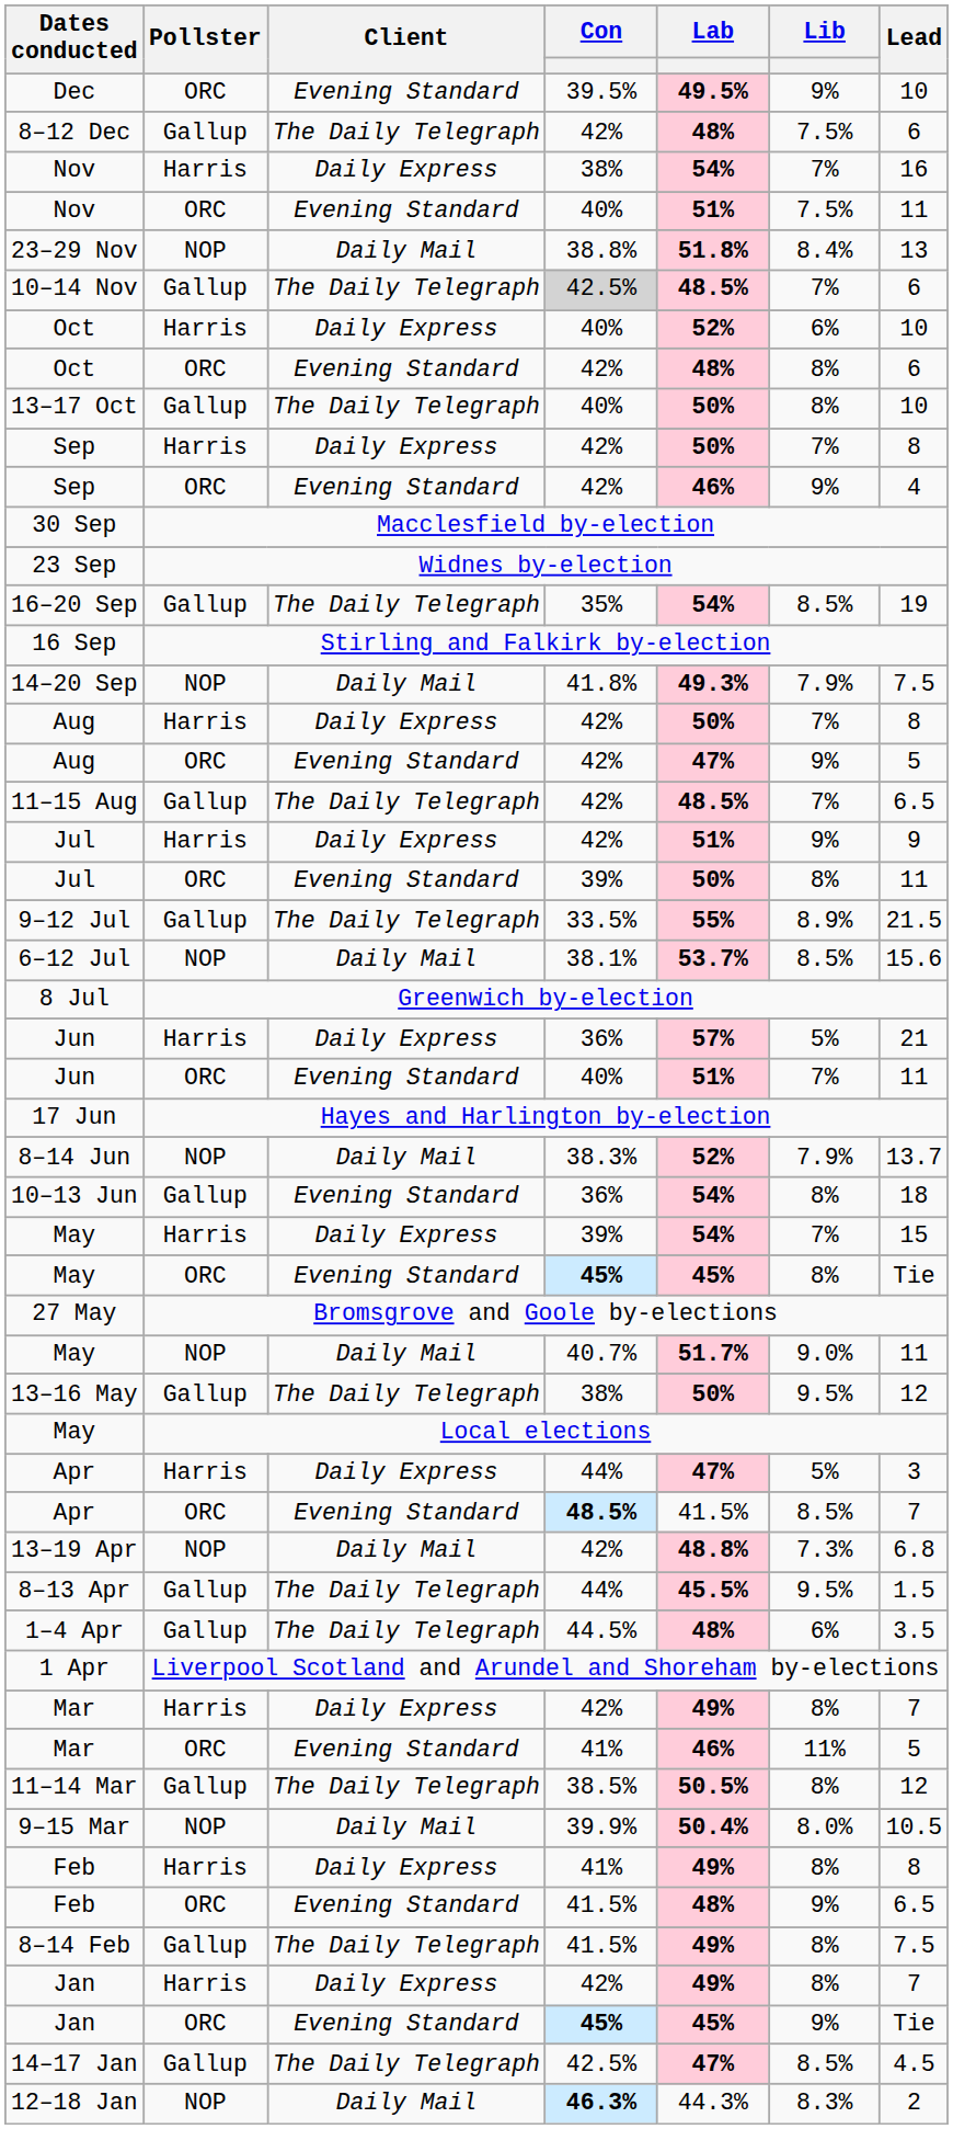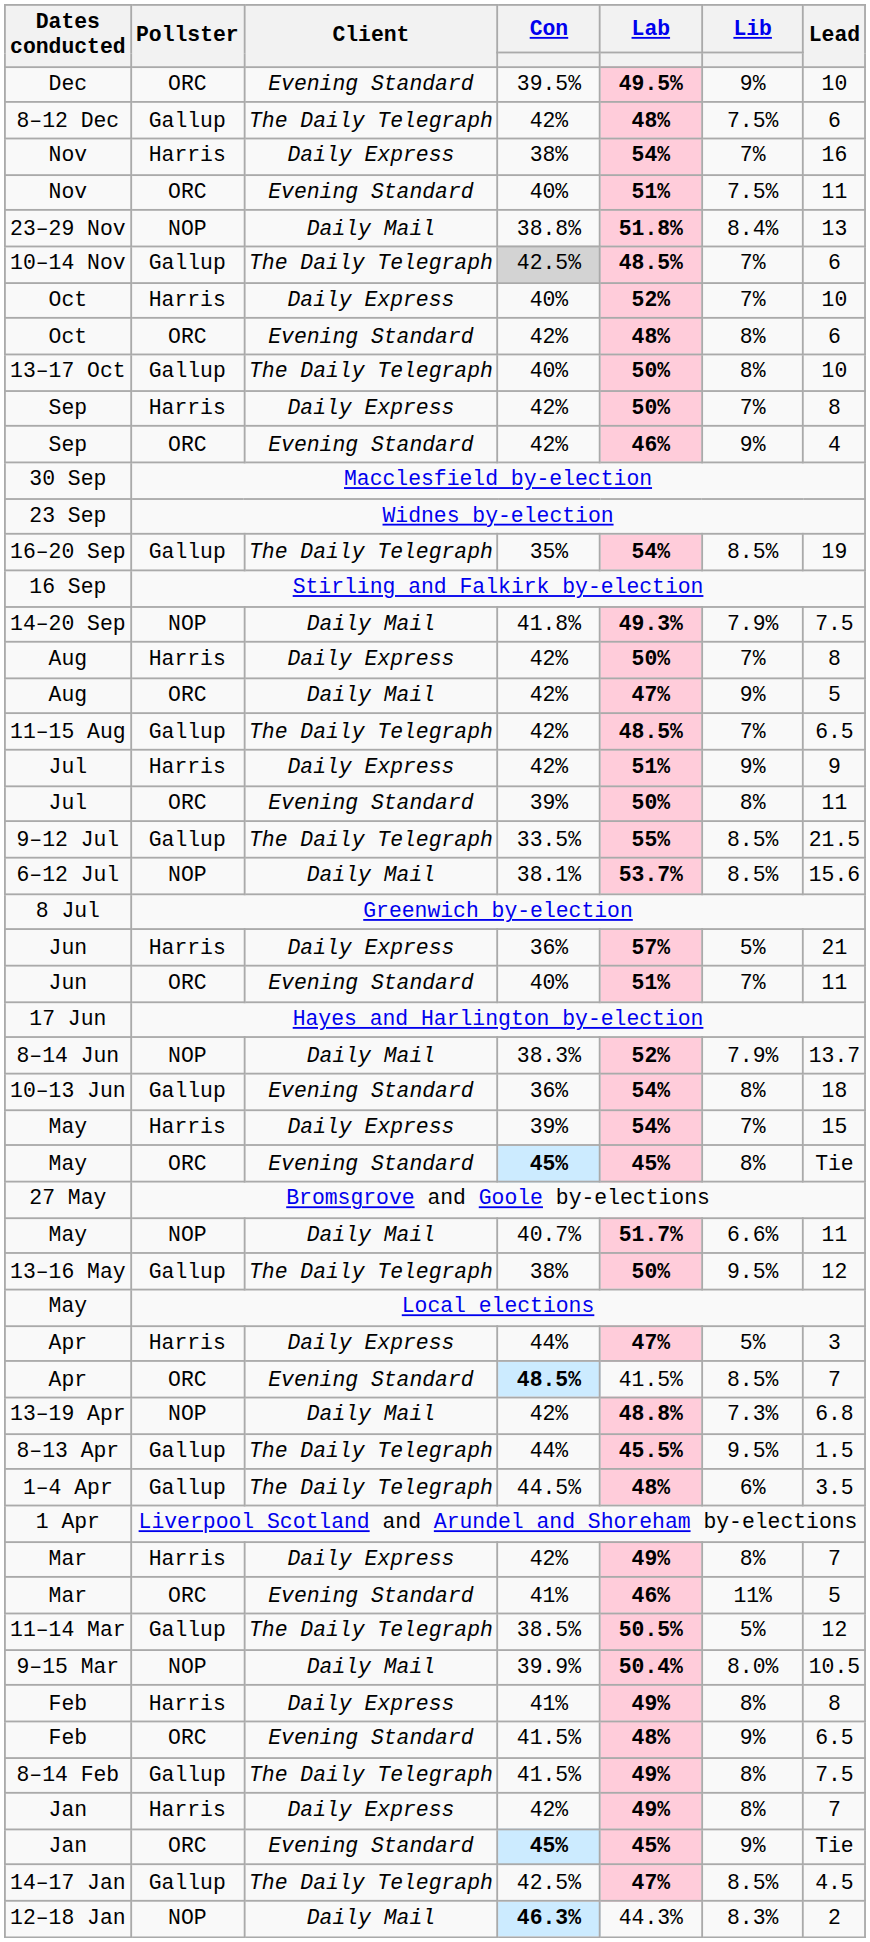 <table class="wikitable sortable mw-datatable" style="text-align:center;font-size:90%;line-height:14px;">
 <tr>
 <th rowspan="2">Dates<br>conducted</th>
 <th rowspan="2">Pollster</th>
 <th rowspan="2">Client</th>
 <th class="unsortable" style="width:50px;"><a href='#'>Con</a></th>
 <th class="unsortable" style="width:50px;"><a href='#'>Lab</a></th>
 <th class="unsortable" style="width:50px;"><a href='#'>Lib</a></th>
 <th rowspan="2">Lead</th>
 </tr>
 <tr>
 <th style="background:"></th>
 <th style="background:"></th>
 <th style="background:"></th>
 </tr>
 <tr>
 <td>Dec</td>
 <td>ORC</td>
 <td><em>Evening Standard</em></td>
 <td>39.5%</td>
 <td style="background:#FFCCDA;"><strong>49.5%</strong></td>
 <td>9%</td>
 <td style="background:">10</td>
 </tr>
 <tr>
 <td>8–12 Dec</td>
 <td>Gallup</td>
 <td><em>The Daily Telegraph</em></td>
 <td>42%</td>
 <td style="background:#FFCCDA;"><strong>48%</strong></td>
 <td>7.5%</td>
 <td style="background:">6</td>
 </tr>
 <tr>
 <td>Nov</td>
 <td>Harris</td>
 <td><em>Daily Express</em></td>
 <td>38%</td>
 <td style="background:#FFCCDA;"><strong>54%</strong></td>
 <td>7%</td>
 <td style="background:">16</td>
 </tr>
 <tr>
 <td>Nov</td>
 <td>ORC</td>
 <td><em>Evening Standard</em></td>
 <td>40%</td>
 <td style="background:#FFCCDA;"><strong>51%</strong></td>
 <td>7.5%</td>
 <td style="background:">11</td>
 </tr>
 <tr>
 <td>23–29 Nov</td>
 <td>NOP</td>
 <td><em>Daily Mail</em></td>
 <td>38.8%</td>
 <td style="background:#FFCCDA;"><strong>51.8%</strong></td>
 <td>8.4%</td>
 <td style="background:">13</td>
 </tr>
 <tr>
 <td>10–14 Nov</td>
 <td>Gallup</td>
 <td><em>The Daily Telegraph</em></td>
 <td style="background: lightgrey;">42.5%</td>
 <td style="background:#FFCCDA;"><strong>48.5%</strong></td>
 <td>7%</td>
 <td style="background:">6</td>
 </tr>
 <tr>
 <td>Oct</td>
 <td>Harris</td>
 <td><em>Daily Express</em></td>
 <td>40%</td>
 <td style="background:#FFCCDA;"><strong>52%</strong></td>
-<td>6%</td>
+<td>7%</td>
 <td style="background:">10</td>
 </tr>
 <tr>
 <td>Oct</td>
 <td>ORC</td>
 <td><em>Evening Standard</em></td>
 <td>42%</td>
 <td style="background:#FFCCDA;"><strong>48%</strong></td>
 <td>8%</td>
 <td style="background:">6</td>
 </tr>
 <tr>
 <td>13–17 Oct</td>
 <td>Gallup</td>
 <td><em>The Daily Telegraph</em></td>
 <td>40%</td>
 <td style="background:#FFCCDA;"><strong>50%</strong></td>
 <td>8%</td>
 <td style="background:">10</td>
 </tr>
 <tr>
 <td>Sep</td>
 <td>Harris</td>
 <td><em>Daily Express</em></td>
 <td>42%</td>
 <td style="background:#FFCCDA;"><strong>50%</strong></td>
 <td>7%</td>
 <td style="background:">8</td>
 </tr>
 <tr>
 <td>Sep</td>
 <td>ORC</td>
 <td><em>Evening Standard</em></td>
 <td>42%</td>
 <td style="background:#FFCCDA;"><strong>46%</strong></td>
 <td>9%</td>
 <td style="background:">4</td>
 </tr>
 <tr>
 <td>30 Sep</td>
 <td colspan="6"><a href='#'>Macclesfield by-election</a></td>
 </tr>
 <tr>
 <td>23 Sep</td>
 <td colspan="6"><a href='#'>Widnes by-election</a></td>
 </tr>
 <tr>
 <td>16–20 Sep</td>
 <td>Gallup</td>
 <td><em>The Daily Telegraph</em></td>
 <td>35%</td>
 <td style="background:#FFCCDA;"><strong>54%</strong></td>
 <td>8.5%</td>
 <td style="background:">19</td>
 </tr>
 <tr>
 <td>16 Sep</td>
 <td colspan="6"><a href='#'>Stirling and Falkirk by-election</a></td>
 </tr>
 <tr>
 <td>14–20 Sep</td>
 <td>NOP</td>
 <td><em>Daily Mail</em></td>
 <td>41.8%</td>
 <td style="background:#FFCCDA;"><strong>49.3%</strong></td>
 <td>7.9%</td>
 <td style="background:">7.5</td>
 </tr>
 <tr>
 <td>Aug</td>
 <td>Harris</td>
 <td><em>Daily Express</em></td>
 <td>42%</td>
 <td style="background:#FFCCDA;"><strong>50%</strong></td>
 <td>7%</td>
 <td style="background:">8</td>
 </tr>
 <tr>
 <td>Aug</td>
 <td>ORC</td>
-<td><em>Evening Standard</em></td>
+<td><em>Daily Mail</em></td>
 <td>42%</td>
 <td style="background:#FFCCDA;"><strong>47%</strong></td>
 <td>9%</td>
 <td style="background:">5</td>
 </tr>
 <tr>
 <td>11–15 Aug</td>
 <td>Gallup</td>
 <td><em>The Daily Telegraph</em></td>
 <td>42%</td>
 <td style="background:#FFCCDA;"><strong>48.5%</strong></td>
 <td>7%</td>
 <td style="background:">6.5</td>
 </tr>
 <tr>
 <td>Jul</td>
 <td>Harris</td>
 <td><em>Daily Express</em></td>
 <td>42%</td>
 <td style="background:#FFCCDA;"><strong>51%</strong></td>
 <td>9%</td>
 <td style="background:">9</td>
 </tr>
 <tr>
 <td>Jul</td>
 <td>ORC</td>
 <td><em>Evening Standard</em></td>
 <td>39%</td>
 <td style="background:#FFCCDA;"><strong>50%</strong></td>
 <td>8%</td>
 <td style="background:">11</td>
 </tr>
 <tr>
 <td>9–12 Jul</td>
 <td>Gallup</td>
 <td><em>The Daily Telegraph</em></td>
 <td>33.5%</td>
 <td style="background:#FFCCDA;"><strong>55%</strong></td>
-<td>8.9%</td>
+<td>8.5%</td>
 <td style="background:">21.5</td>
 </tr>
 <tr>
 <td>6–12 Jul</td>
 <td>NOP</td>
 <td><em>Daily Mail</em></td>
 <td>38.1%</td>
 <td style="background:#FFCCDA;"><strong>53.7%</strong></td>
 <td>8.5%</td>
 <td style="background:">15.6</td>
 </tr>
 <tr>
 <td>8 Jul</td>
 <td colspan="6"><a href='#'>Greenwich by-election</a></td>
 </tr>
 <tr>
 <td>Jun</td>
 <td>Harris</td>
 <td><em>Daily Express</em></td>
 <td>36%</td>
 <td style="background:#FFCCDA;"><strong>57%</strong></td>
 <td>5%</td>
 <td style="background:">21</td>
 </tr>
 <tr>
 <td>Jun</td>
 <td>ORC</td>
 <td><em>Evening Standard</em></td>
 <td>40%</td>
 <td style="background:#FFCCDA;"><strong>51%</strong></td>
 <td>7%</td>
 <td style="background:">11</td>
 </tr>
 <tr>
 <td>17 Jun</td>
 <td colspan="6"><a href='#'>Hayes and Harlington by-election</a></td>
 </tr>
 <tr>
 <td>8–14 Jun</td>
 <td>NOP</td>
 <td><em>Daily Mail</em></td>
 <td>38.3%</td>
 <td style="background:#FFCCDA;"><strong>52%</strong></td>
 <td>7.9%</td>
 <td style="background:">13.7</td>
 </tr>
 <tr>
 <td>10–13 Jun</td>
 <td>Gallup</td>
 <td><em>Evening Standard</em></td>
 <td>36%</td>
 <td style="background:#FFCCDA;"><strong>54%</strong></td>
 <td>8%</td>
 <td style="background:">18</td>
 </tr>
 <tr>
 <td>May</td>
 <td>Harris</td>
 <td><em>Daily Express</em></td>
 <td>39%</td>
 <td style="background:#FFCCDA;"><strong>54%</strong></td>
 <td>7%</td>
 <td style="background:">15</td>
 </tr>
 <tr>
 <td>May</td>
 <td>ORC</td>
 <td><em>Evening Standard</em></td>
 <td style="background:#CCEBFF;"><strong>45%</strong></td>
 <td style="background:#FFCCDA;"><strong>45%</strong></td>
 <td>8%</td>
 <td data-sort-value="0">Tie</td>
 </tr>
 <tr>
 <td>27 May</td>
 <td colspan="6"><a href='#'>Bromsgrove</a> and <a href='#'>Goole</a> by-elections</td>
 </tr>
 <tr>
 <td>May</td>
 <td>NOP</td>
 <td><em>Daily Mail</em></td>
 <td>40.7%</td>
 <td style="background:#FFCCDA;"><strong>51.7%</strong></td>
-<td>9.0%</td>
+<td>6.6%</td>
 <td style="background:">11</td>
 </tr>
 <tr>
 <td>13–16 May</td>
 <td>Gallup</td>
 <td><em>The Daily Telegraph</em></td>
 <td>38%</td>
 <td style="background:#FFCCDA;"><strong>50%</strong></td>
 <td>9.5%</td>
 <td style="background:">12</td>
 </tr>
 <tr>
 <td>May</td>
 <td colspan="6"><a href='#'>Local elections</a></td>
 </tr>
 <tr>
 <td>Apr</td>
 <td>Harris</td>
 <td><em>Daily Express</em></td>
 <td>44%</td>
 <td style="background:#FFCCDA;"><strong>47%</strong></td>
 <td>5%</td>
 <td style="background:">3</td>
 </tr>
 <tr>
 <td>Apr</td>
 <td>ORC</td>
 <td><em>Evening Standard</em></td>
 <td style="background:#CCEBFF;"><strong>48.5%</strong></td>
 <td>41.5%</td>
 <td>8.5%</td>
 <td style="background:">7</td>
 </tr>
 <tr>
 <td>13–19 Apr</td>
 <td>NOP</td>
 <td><em>Daily Mail</em></td>
 <td>42%</td>
 <td style="background:#FFCCDA;"><strong>48.8%</strong></td>
 <td>7.3%</td>
 <td style="background:">6.8</td>
 </tr>
 <tr>
 <td>8–13 Apr</td>
 <td>Gallup</td>
 <td><em>The Daily Telegraph</em></td>
 <td>44%</td>
 <td style="background:#FFCCDA;"><strong>45.5%</strong></td>
 <td>9.5%</td>
 <td style="background:">1.5</td>
 </tr>
 <tr>
 <td>1–4 Apr</td>
 <td>Gallup</td>
 <td><em>The Daily Telegraph</em></td>
 <td>44.5%</td>
 <td style="background:#FFCCDA;"><strong>48%</strong></td>
 <td>6%</td>
 <td style="background:">3.5</td>
 </tr>
 <tr>
 <td>1 Apr</td>
 <td colspan="6"><a href='#'>Liverpool Scotland</a> and <a href='#'>Arundel and Shoreham</a> by-elections</td>
 </tr>
 <tr>
 <td>Mar</td>
 <td>Harris</td>
 <td><em>Daily Express</em></td>
 <td>42%</td>
 <td style="background:#FFCCDA;"><strong>49%</strong></td>
 <td>8%</td>
 <td style="background:">7</td>
 </tr>
 <tr>
 <td>Mar</td>
 <td>ORC</td>
 <td><em>Evening Standard</em></td>
 <td>41%</td>
 <td style="background:#FFCCDA;"><strong>46%</strong></td>
 <td>11%</td>
 <td style="background:">5</td>
 </tr>
 <tr>
 <td>11–14 Mar</td>
 <td>Gallup</td>
 <td><em>The Daily Telegraph</em></td>
 <td>38.5%</td>
 <td style="background:#FFCCDA;"><strong>50.5%</strong></td>
-<td>8%</td>
+<td>5%</td>
 <td style="background:">12</td>
 </tr>
 <tr>
 <td>9–15 Mar</td>
 <td>NOP</td>
 <td><em>Daily Mail</em></td>
 <td>39.9%</td>
 <td style="background:#FFCCDA;"><strong>50.4%</strong></td>
 <td>8.0%</td>
 <td style="background:">10.5</td>
 </tr>
 <tr>
 <td>Feb</td>
 <td>Harris</td>
 <td><em>Daily Express</em></td>
 <td>41%</td>
 <td style="background:#FFCCDA;"><strong>49%</strong></td>
 <td>8%</td>
 <td style="background:">8</td>
 </tr>
 <tr>
 <td>Feb</td>
 <td>ORC</td>
 <td><em>Evening Standard</em></td>
 <td>41.5%</td>
 <td style="background:#FFCCDA;"><strong>48%</strong></td>
 <td>9%</td>
 <td style="background:">6.5</td>
 </tr>
 <tr>
 <td>8–14 Feb</td>
 <td>Gallup</td>
 <td><em>The Daily Telegraph</em></td>
 <td>41.5%</td>
 <td style="background:#FFCCDA;"><strong>49%</strong></td>
 <td>8%</td>
 <td style="background:">7.5</td>
 </tr>
 <tr>
 <td>Jan</td>
 <td>Harris</td>
 <td><em>Daily Express</em></td>
 <td>42%</td>
 <td style="background:#FFCCDA;"><strong>49%</strong></td>
 <td>8%</td>
 <td style="background:">7</td>
 </tr>
 <tr>
 <td>Jan</td>
 <td>ORC</td>
 <td><em>Evening Standard</em></td>
 <td style="background:#CCEBFF;"><strong>45%</strong></td>
 <td style="background:#FFCCDA;"><strong>45%</strong></td>
 <td>9%</td>
 <td data-sort-value="0">Tie</td>
 </tr>
 <tr>
 <td>14–17 Jan</td>
 <td>Gallup</td>
 <td><em>The Daily Telegraph</em></td>
 <td>42.5%</td>
 <td style="background:#FFCCDA;"><strong>47%</strong></td>
 <td>8.5%</td>
 <td style="background:">4.5</td>
 </tr>
 <tr>
 <td>12–18 Jan</td>
 <td>NOP</td>
 <td><em>Daily Mail</em></td>
 <td style="background:#CCEBFF;"><strong>46.3%</strong></td>
 <td>44.3%</td>
 <td>8.3%</td>
 <td style="background:">2</td>
 </tr>
 </table>
